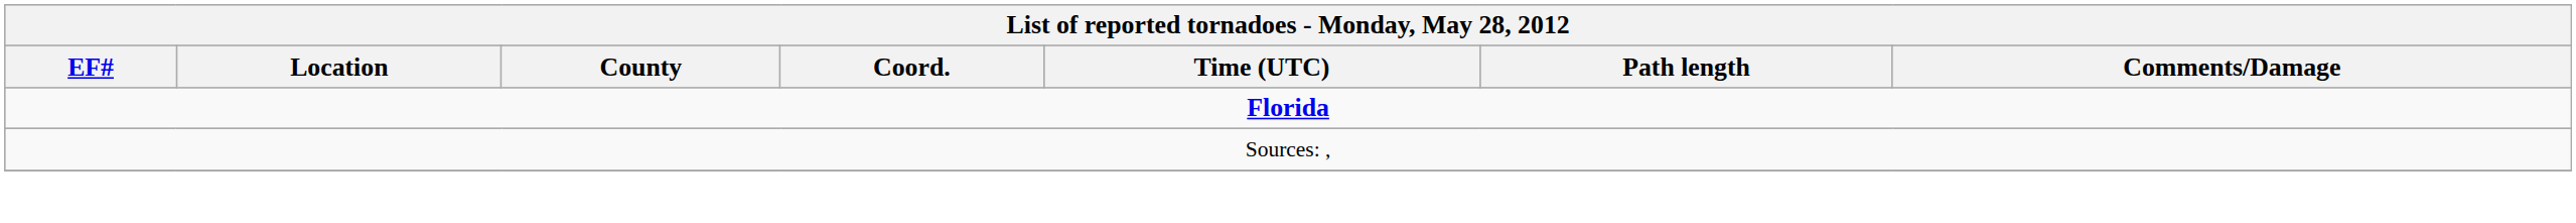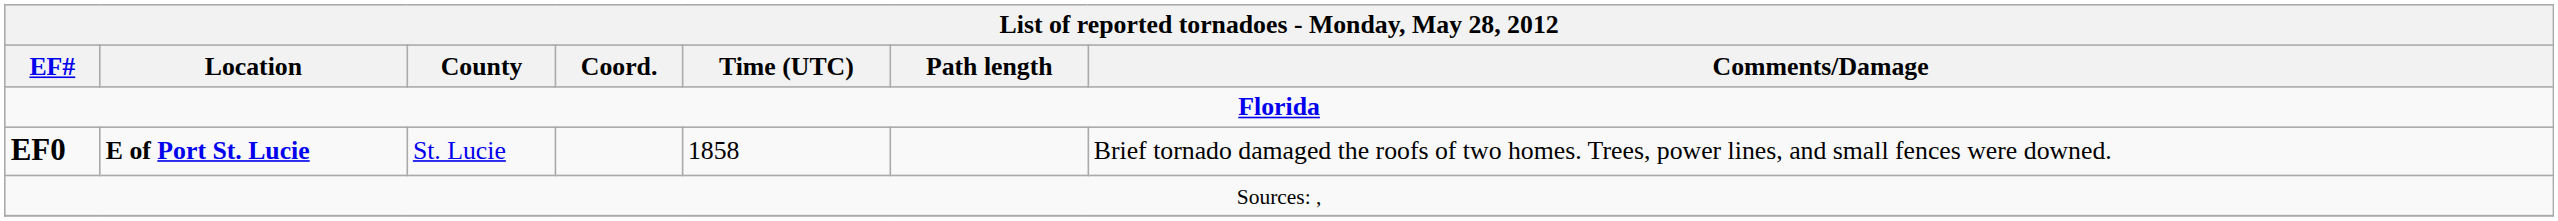 <table class="wikitable collapsible" width="100%">
 <tr>
 <th colspan="7">List of reported tornadoes - Monday, May 28, 2012</th>
 </tr>
 <tr>
 <th><a href='#'>EF#</a></th>
 <th>Location</th>
 <th>County</th>
 <th>Coord.</th>
 <th>Time (UTC)</th>
 <th>Path length</th>
 <th>Comments/Damage</th>
 </tr>
 <tr>
 <td colspan="7" align=center><strong><a href='#'>Florida</a></strong></td>
 </tr>
 <tr>
+<td><big><strong>EF0</strong></big></td>
+<td><strong>E of <a href='#'>Port St. Lucie</a></strong></td>
+<td><a href='#'>St. Lucie</a></td>
+<td></td>
+<td>1858</td>
+<td></td>
+<td>Brief tornado damaged the roofs of two homes. Trees, power lines, and small fences were downed.</td>
+</tr>
+<tr>
 <td colspan="7" align=center><small>Sources: , </small></td>
 </tr>
 <tr>
 </tr>
 </table>
